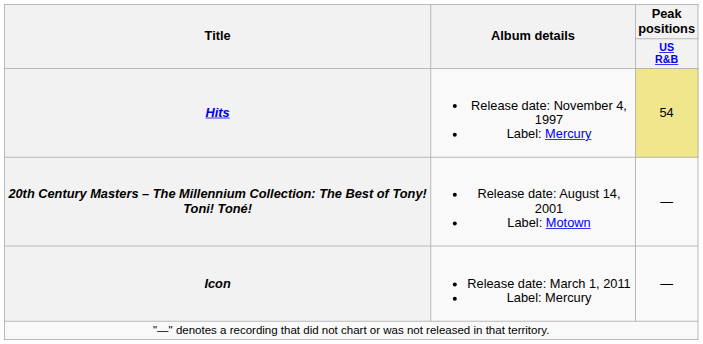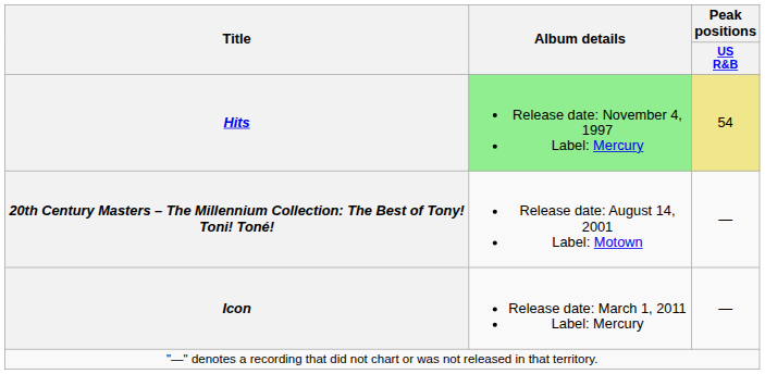 <table class="wikitable plainrowheaders" style="text-align:center;">
 <tr>
 <th scope="col" rowspan="2">Title</th>
 <th scope="col" rowspan="2">Album details</th>
 <th scope="col" colspan="1">Peak positions</th>
 </tr>
 <tr style="font-size:smaller;">
 <th scope="col" width="30"><a href='#'>US<br>R&B</a><br></th>
 </tr>
 <tr>
 <th scope="row"><em><a href='#'>Hits</a></em></th>
-<td><br><ul><li>Release date: November 4, 1997</li><li>Label: <a href='#'>Mercury</a></li></ul></td>
+<td style="background: lightgreen;"><br><ul><li>Release date: November 4, 1997</li><li>Label: <a href='#'>Mercury</a></li></ul></td>
 <td style="background: khaki;">54</td>
 </tr>
 <tr>
 <th scope="row"><em>20th Century Masters – The Millennium Collection: The Best of Tony! Toni! Toné!</em></th>
 <td><br><ul><li>Release date: August 14, 2001</li><li>Label: <a href='#'>Motown</a></li></ul></td>
 <td>—</td>
 </tr>
 <tr>
 <th scope="row"><em>Icon</em></th>
 <td><br><ul><li>Release date: March 1, 2011</li><li>Label: Mercury</li></ul></td>
 <td>—</td>
 </tr>
 <tr>
 <td colspan="15" style="font-size:90%">"—" denotes a recording that did not chart or was not released in that territory.</td>
 </tr>
 </table>
